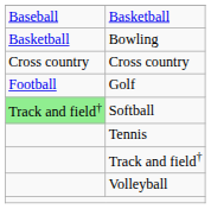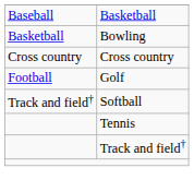 <table class="wikitable" style=" ">
 <tr>
 </tr>
 <tr>
 <td><a href='#'>Baseball</a></td>
 <td><a href='#'>Basketball</a></td>
 </tr>
 <tr>
 <td><a href='#'>Basketball</a></td>
 <td>Bowling</td>
 </tr>
 <tr>
 <td>Cross country</td>
 <td>Cross country</td>
 </tr>
 <tr>
 <td><a href='#'>Football</a></td>
 <td>Golf</td>
 </tr>
 <tr>
-<td style="background: lightgreen;">Track and field<sup>†</sup></td>
+<td>Track and field<sup>†</sup></td>
 <td>Softball</td>
 </tr>
 <tr>
 <td></td>
 <td>Tennis</td>
 </tr>
 <tr>
 <td></td>
 <td>Track and field<sup>†</sup></td>
 </tr>
 <tr>
-<td></td>
-<td>Volleyball</td>
-</tr>
-<tr>
 <td colspan="2"></td>
 </tr>
 </table>
